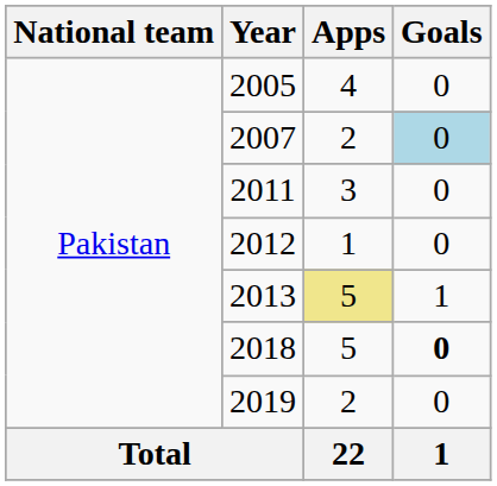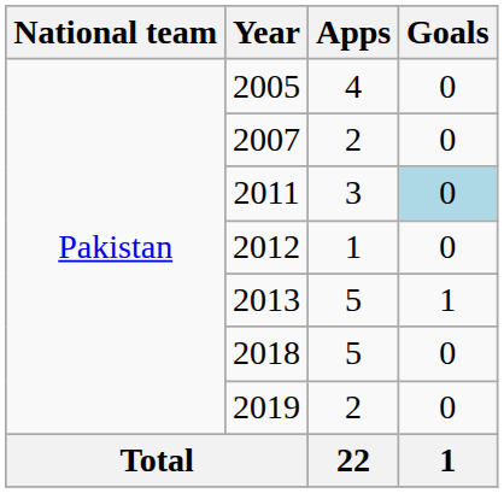 <table class="wikitable" style="text-align: center;">
 <tr>
 <th>National team</th>
 <th>Year</th>
 <th>Apps</th>
 <th>Goals</th>
 </tr>
 <tr>
 <td rowspan="7"><a href='#'>Pakistan</a></td>
 <td>2005</td>
 <td>4</td>
 <td>0</td>
 </tr>
 <tr>
 <td>2007</td>
 <td>2</td>
-<td style="background: lightblue;">0</td>
+<td>0</td>
 </tr>
 <tr>
 <td>2011</td>
 <td>3</td>
-<td>0</td>
+<td style="background: lightblue;">0</td>
 </tr>
 <tr>
 <td>2012</td>
 <td>1</td>
 <td>0</td>
 </tr>
 <tr>
 <td>2013</td>
-<td style="background: khaki;">5</td>
+<td>5</td>
 <td>1</td>
 </tr>
 <tr>
 <td>2018</td>
 <td>5</td>
-<td><strong>0</strong></td>
+<td>0</td>
 </tr>
 <tr>
 <td>2019</td>
 <td>2</td>
 <td>0</td>
 </tr>
 <tr>
 <th colspan="2">Total</th>
 <th>22</th>
 <th>1</th>
 </tr>
 </table>
